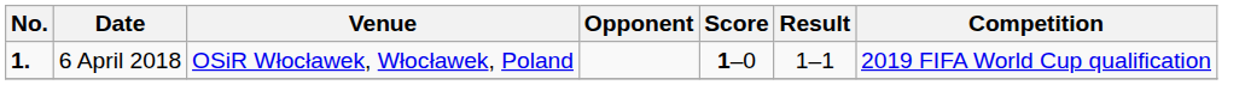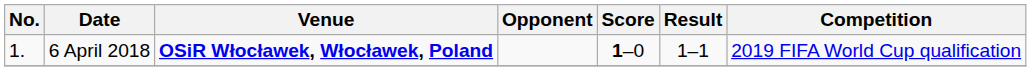 <table class="wikitable">
 <tr>
 <th>No.</th>
 <th>Date</th>
 <th>Venue</th>
 <th>Opponent</th>
 <th>Score</th>
 <th>Result</th>
 <th>Competition</th>
 </tr>
 <tr>
-<td><strong>1.</strong></td>
+<td>1.</td>
 <td>6 April 2018</td>
-<td><a href='#'>OSiR Włocławek</a>, <a href='#'>Włocławek</a>, <a href='#'>Poland</a></td>
+<td><strong><a href='#'>OSiR Włocławek</a>, <a href='#'>Włocławek</a>, <a href='#'>Poland</a></strong></td>
 <td></td>
 <td align=center><strong>1</strong>–0</td>
 <td align=center>1–1</td>
 <td><a href='#'>2019 FIFA World Cup qualification</a></td>
 </tr>
 <tr>
 </tr>
 </table>
